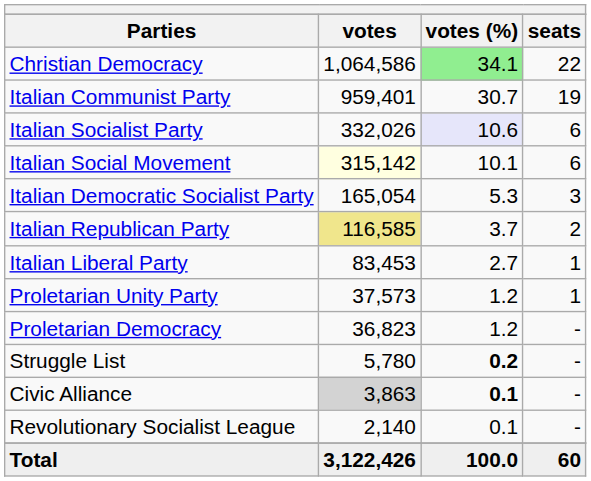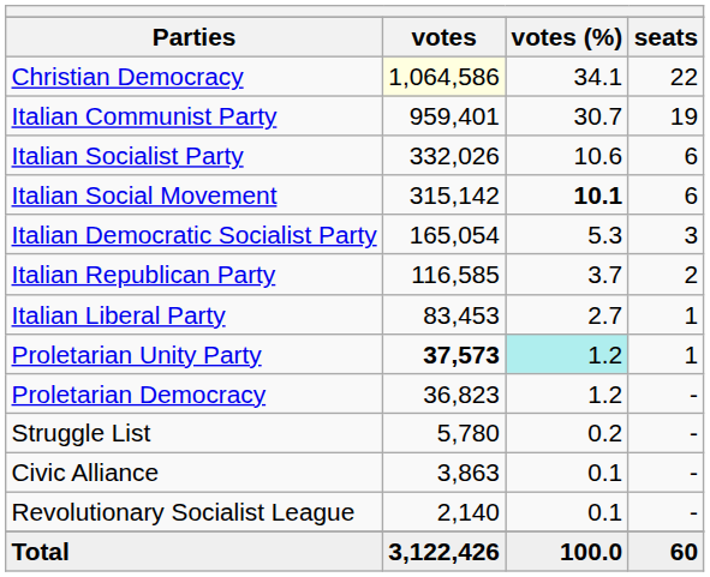 <table class="wikitable" style="font-size:95%">
 <tr>
 <th colspan=4></th>
 </tr>
 <tr>
 </tr>
 <tr bgcolor="EFEFEF">
 <th>Parties</th>
 <th>votes</th>
 <th>votes (%)</th>
 <th>seats</th>
 </tr>
 <tr>
 <td><a href='#'>Christian Democracy</a></td>
-<td align=right>1,064,586</td>
-<td align=right style="background: lightgreen;">34.1</td>
+<td align=right style="background: lightyellow;">1,064,586</td>
+<td align=right>34.1</td>
 <td align=right>22</td>
 </tr>
 <tr>
 <td><a href='#'>Italian Communist Party</a></td>
 <td align=right>959,401</td>
 <td align=right>30.7</td>
 <td align=right>19</td>
 </tr>
 <tr>
 <td><a href='#'>Italian Socialist Party</a></td>
 <td align=right>332,026</td>
-<td align=right style="background: lavender;">10.6</td>
+<td align=right>10.6</td>
 <td align=right>6</td>
 </tr>
 <tr>
 <td><a href='#'>Italian Social Movement</a></td>
-<td align=right style="background: lightyellow;">315,142</td>
-<td align=right>10.1</td>
+<td align=right>315,142</td>
+<td align=right><strong>10.1</strong></td>
 <td align=right>6</td>
 </tr>
 <tr>
 <td><a href='#'>Italian Democratic Socialist Party</a></td>
 <td align=right>165,054</td>
 <td align=right>5.3</td>
 <td align=right>3</td>
 </tr>
 <tr>
 <td><a href='#'>Italian Republican Party</a></td>
-<td align=right style="background: khaki;">116,585</td>
+<td align=right>116,585</td>
 <td align=right>3.7</td>
 <td align=right>2</td>
 </tr>
 <tr>
 <td><a href='#'>Italian Liberal Party</a></td>
 <td align=right>83,453</td>
 <td align=right>2.7</td>
 <td align=right>1</td>
 </tr>
 <tr>
 <td><a href='#'>Proletarian Unity Party</a></td>
-<td align=right>37,573</td>
-<td align=right>1.2</td>
+<td align=right><strong>37,573</strong></td>
+<td align=right style="background: paleturquoise;">1.2</td>
 <td align=right>1</td>
 </tr>
 <tr>
 <td><a href='#'>Proletarian Democracy</a></td>
 <td align=right>36,823</td>
 <td align=right>1.2</td>
 <td align=right>-</td>
 </tr>
 <tr>
 <td>Struggle List</td>
 <td align=right>5,780</td>
-<td align=right><strong>0.2</strong></td>
+<td align=right>0.2</td>
 <td align=right>-</td>
 </tr>
 <tr>
 <td>Civic Alliance</td>
-<td align=right style="background: lightgrey;">3,863</td>
-<td align=right><strong>0.1</strong></td>
+<td align=right>3,863</td>
+<td align=right>0.1</td>
 <td align=right>-</td>
 </tr>
 <tr>
 <td>Revolutionary Socialist League</td>
 <td align=right>2,140</td>
 <td align=right>0.1</td>
 <td align=right>-</td>
 </tr>
 <tr>
 </tr>
 <tr bgcolor="EFEFEF">
 <td><strong>Total</strong></td>
 <td align=right><strong>3,122,426</strong></td>
 <td align=right><strong>100.0</strong></td>
 <td align=right><strong>60</strong></td>
 </tr>
 </table>
